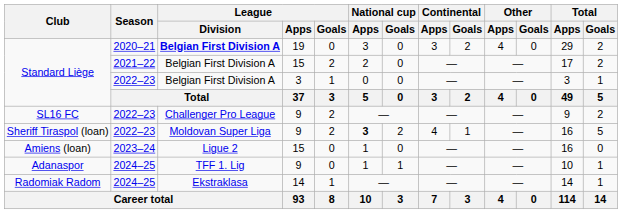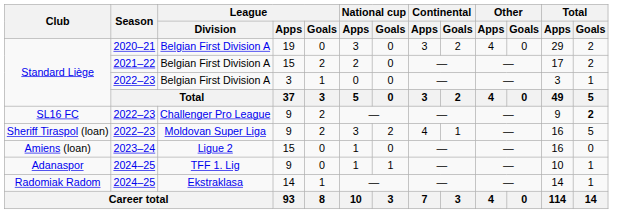 <table class=wikitable style=text-align:center>
 <tr>
 <th rowspan="2">Club</th>
 <th rowspan="2">Season</th>
 <th colspan="3">League</th>
 <th colspan="2">National cup</th>
 <th colspan="2">Continental</th>
 <th colspan="2">Other</th>
 <th colspan="2">Total</th>
 </tr>
 <tr>
 <th>Division</th>
 <th>Apps</th>
 <th>Goals</th>
 <th>Apps</th>
 <th>Goals</th>
 <th>Apps</th>
 <th>Goals</th>
 <th>Apps</th>
 <th>Goals</th>
 <th>Apps</th>
 <th>Goals</th>
 </tr>
 <tr>
 <td rowspan="4"><a href='#'>Standard Liège</a></td>
 <td><a href='#'>2020–21</a></td>
-<td><strong><a href='#'>Belgian First Division A</a></strong></td>
+<td><a href='#'>Belgian First Division A</a></td>
 <td>19</td>
 <td>0</td>
 <td>3</td>
 <td>0</td>
 <td>3</td>
 <td>2</td>
 <td>4</td>
 <td>0</td>
 <td>29</td>
 <td>2</td>
 </tr>
 <tr>
 <td><a href='#'>2021–22</a></td>
 <td>Belgian First Division A</td>
 <td>15</td>
 <td>2</td>
 <td>2</td>
 <td>0</td>
 <td colspan="2">—</td>
 <td colspan="2">—</td>
 <td>17</td>
 <td>2</td>
 </tr>
 <tr>
 <td><a href='#'>2022–23</a></td>
 <td>Belgian First Division A</td>
 <td>3</td>
 <td>1</td>
 <td>0</td>
 <td>0</td>
 <td colspan="2">—</td>
 <td colspan="2">—</td>
 <td>3</td>
 <td>1</td>
 </tr>
 <tr>
 <th colspan=2>Total</th>
 <th>37</th>
 <th>3</th>
 <th>5</th>
 <th>0</th>
 <th>3</th>
 <th>2</th>
 <th>4</th>
 <th>0</th>
 <th>49</th>
 <th>5</th>
 </tr>
 <tr>
 <td><a href='#'>SL16 FC</a></td>
 <td><a href='#'>2022–23</a></td>
 <td><a href='#'>Challenger Pro League</a></td>
 <td>9</td>
 <td>2</td>
 <td colspan="2">—</td>
 <td colspan="2">—</td>
 <td colspan="2">—</td>
 <td>9</td>
-<td>2</td>
+<td><strong>2</strong></td>
 </tr>
 <tr>
 <td><a href='#'>Sheriff Tiraspol</a> (loan)</td>
 <td><a href='#'>2022–23</a></td>
 <td><a href='#'>Moldovan Super Liga</a></td>
 <td>9</td>
 <td>2</td>
-<td><strong>3</strong></td>
+<td>3</td>
 <td>2</td>
 <td>4</td>
 <td>1</td>
 <td colspan="2">—</td>
 <td>16</td>
 <td>5</td>
 </tr>
 <tr>
 <td><a href='#'>Amiens</a> (loan)</td>
 <td><a href='#'>2023–24</a></td>
 <td><a href='#'>Ligue 2</a></td>
 <td>15</td>
 <td>0</td>
 <td>1</td>
 <td>0</td>
 <td colspan="2">—</td>
 <td colspan="2">—</td>
 <td>16</td>
 <td>0</td>
 </tr>
 <tr>
 <td><a href='#'>Adanaspor</a></td>
 <td><a href='#'>2024–25</a></td>
 <td><a href='#'>TFF 1. Lig</a></td>
 <td>9</td>
 <td>0</td>
 <td>1</td>
 <td>1</td>
 <td colspan="2">—</td>
 <td colspan="2">—</td>
 <td>10</td>
 <td>1</td>
 </tr>
 <tr>
 <td><a href='#'>Radomiak Radom</a></td>
 <td><a href='#'>2024–25</a></td>
 <td><a href='#'>Ekstraklasa</a></td>
 <td>14</td>
 <td>1</td>
 <td colspan="2">—</td>
 <td colspan="2">—</td>
 <td colspan="2">—</td>
 <td>14</td>
 <td>1</td>
 </tr>
 <tr>
 <th colspan=3>Career total</th>
 <th>93</th>
 <th>8</th>
 <th>10</th>
 <th>3</th>
 <th>7</th>
 <th>3</th>
 <th>4</th>
 <th>0</th>
 <th>114</th>
 <th>14</th>
 </tr>
 </table>
